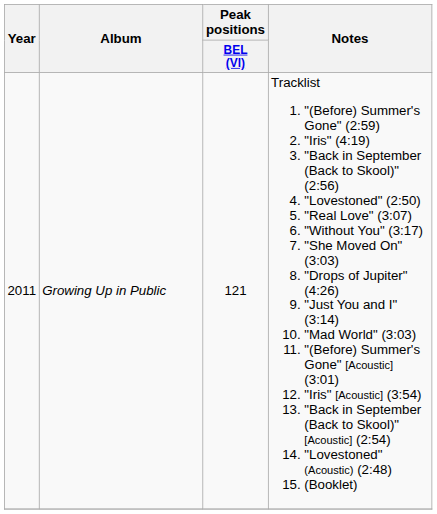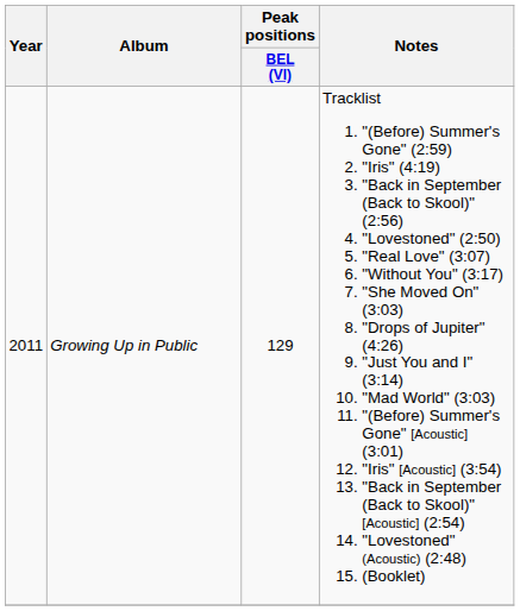 <table class="wikitable">
 <tr>
 <th align="center" rowspan="2" width="10">Year</th>
 <th align="center" rowspan="2" width="190">Album</th>
 <th align="center" colspan="1" width="20">Peak positions</th>
 <th align="center" rowspan="2" width="190">Notes</th>
 </tr>
 <tr>
 <th scope="col" style="width:3em;font-size:90%;"><a href='#'>BEL <br> (Vl)</a><br></th>
 </tr>
 <tr>
 <td style="text-align:center;">2011</td>
 <td><em>Growing Up in Public</em></td>
-<td style="text-align:center;">121</td>
+<td style="text-align:center;">129</td>
 <td>Tracklist<br><ol><li>"(Before) Summer's Gone" (2:59)</li><li>"Iris" (4:19)</li><li>"Back in September (Back to Skool)" (2:56)</li><li>"Lovestoned" (2:50)</li><li>"Real Love" (3:07)</li><li>"Without You" (3:17)</li><li>"She Moved On" (3:03)</li><li>"Drops of Jupiter" (4:26)</li><li>"Just You and I" (3:14)</li><li>"Mad World" (3:03)</li><li>"(Before) Summer's Gone" <small>[Acoustic]</small> (3:01)</li><li>"Iris" <small>[Acoustic]</small> (3:54)</li><li>"Back in September (Back to Skool)" <small>[Acoustic]</small> (2:54)</li><li>"Lovestoned" <small>(Acoustic)</small> (2:48)</li><li>(Booklet)</li></ol></td>
 </tr>
 <tr>
 </tr>
 </table>
